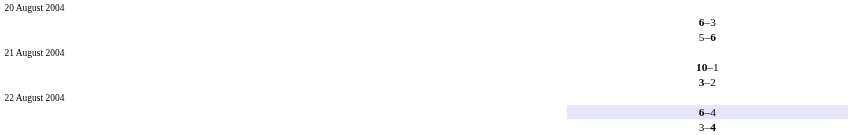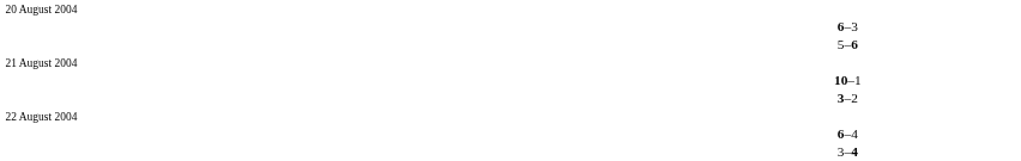 <table width=100% cellspacing=1>
 <tr>
 <th width=40%></th>
 <th width=20%></th>
 <th></th>
 </tr>
 <tr>
 <td><small>20 August 2004</small></td>
 </tr>
 <tr>
 <td align=right><strong></strong></td>
 <td align=center><strong>6</strong>–3</td>
 <td></td>
 </tr>
 <tr>
 <td align=right></td>
 <td align=center>5–<strong>6</strong></td>
 <td><strong></strong></td>
 </tr>
 <tr>
 <td><small>21 August 2004</small></td>
 </tr>
 <tr>
 <td align=right><strong></strong></td>
 <td align=center><strong>10</strong>–1</td>
 <td></td>
 </tr>
 <tr>
 <td align=right><strong></strong></td>
 <td align=center><strong>3</strong>–2</td>
 <td></td>
 </tr>
 <tr>
 <td><small>22 August 2004</small></td>
 </tr>
 <tr>
 <td align=right><strong></strong></td>
-<td align=center style="background: lavender;"><strong>6</strong>–4</td>
+<td align=center><strong>6</strong>–4</td>
 <td></td>
 </tr>
 <tr>
 <td align=right></td>
 <td align=center>3–<strong>4</strong></td>
 <td><strong></strong></td>
 </tr>
 </table>
